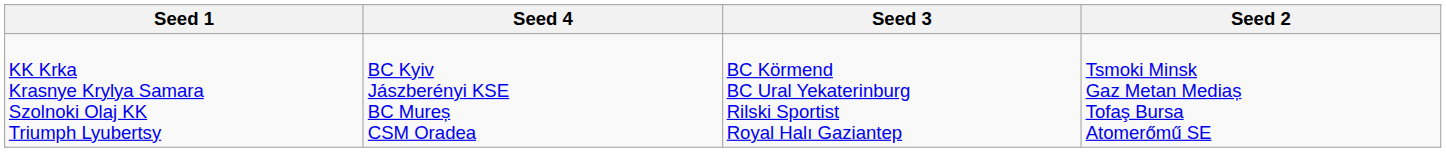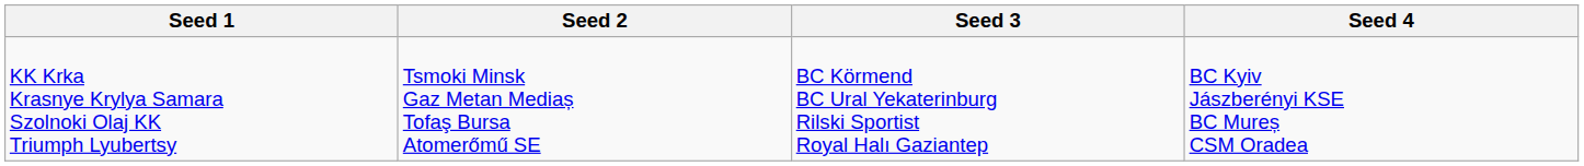 <table class="wikitable" style="width:98%;">
 <tr>
 <th width=16%><strong>Seed 1</strong></th>
+<th width=16%><strong>Seed 2</strong></th>
+<th width=16%><strong>Seed 3</strong></th>
 <th width=16%><strong>Seed 4</strong></th>
-<th width=16%><strong>Seed 3</strong></th>
-<th width=16%><strong>Seed 2</strong></th>
 </tr>
 <tr>
 <td><br> <a href='#'>KK Krka</a> <br>  <a href='#'>Krasnye Krylya Samara</a><br>  <a href='#'>Szolnoki Olaj KK</a><br>  <a href='#'>Triumph Lyubertsy</a><br></td>
+<td><br> <a href='#'>Tsmoki Minsk</a><br>  <a href='#'>Gaz Metan Mediaș</a><br>  <a href='#'>Tofaş Bursa</a><br>  <a href='#'>Atomerőmű SE</a><br></td>
+<td><br> <a href='#'>BC Körmend</a><br>  <a href='#'>BC Ural Yekaterinburg</a><br>  <a href='#'>Rilski Sportist</a><br>  <a href='#'>Royal Halı Gaziantep</a><br></td>
 <td><br> <a href='#'>BC Kyiv</a><br>  <a href='#'>Jászberényi KSE</a><br>  <a href='#'>BC Mureș</a><br>  <a href='#'>CSM Oradea</a><br></td>
-<td><br> <a href='#'>BC Körmend</a><br>  <a href='#'>BC Ural Yekaterinburg</a><br>  <a href='#'>Rilski Sportist</a><br>  <a href='#'>Royal Halı Gaziantep</a><br></td>
-<td><br> <a href='#'>Tsmoki Minsk</a><br>  <a href='#'>Gaz Metan Mediaș</a><br>  <a href='#'>Tofaş Bursa</a><br>  <a href='#'>Atomerőmű SE</a><br></td>
 </tr>
 </table>
